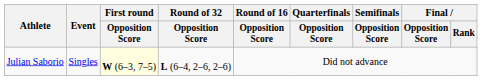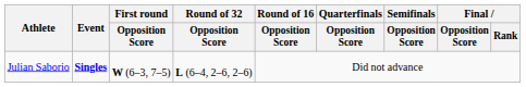 <table class=wikitable style="font-size:90%">
 <tr>
 <th rowspan="2">Athlete</th>
 <th rowspan="2">Event</th>
 <th>First round</th>
 <th>Round of 32</th>
 <th>Round of 16</th>
 <th>Quarterfinals</th>
 <th>Semifinals</th>
 <th colspan=2>Final / </th>
 </tr>
 <tr style="font-size:95%">
 <th>Opposition<br>Score</th>
 <th>Opposition<br>Score</th>
 <th>Opposition<br>Score</th>
 <th>Opposition<br>Score</th>
 <th>Opposition<br>Score</th>
 <th>Opposition<br>Score</th>
 <th>Rank</th>
 </tr>
 <tr>
 <td><a href='#'>Julian Saborio</a></td>
-<td><a href='#'>Singles</a></td>
-<td align=center style="background: lightyellow;"><br><strong>W</strong> (6–3, 7–5)</td>
+<td><strong><a href='#'>Singles</a></strong></td>
+<td align=center><br><strong>W</strong> (6–3, 7–5)</td>
 <td align=center><br><strong>L</strong> (6–4, 2–6, 2–6)</td>
 <td align=center colspan=5>Did not advance</td>
 </tr>
 </table>
